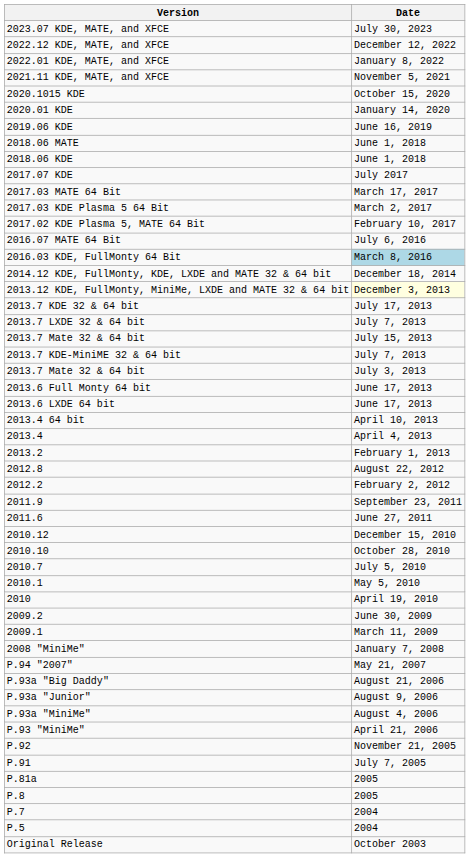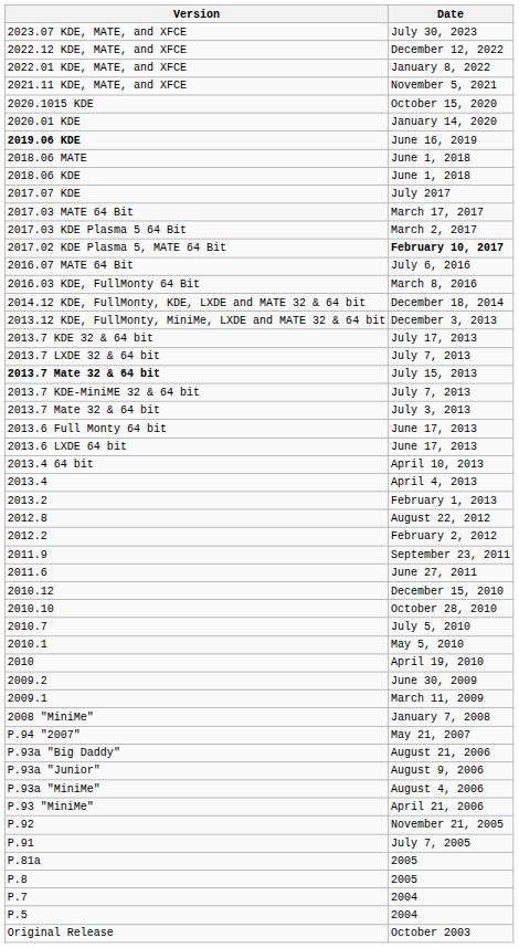 <table class="wikitable sortable">
 <tr ---->
 <th>Version</th>
 <th>Date</th>
 </tr>
 <tr>
 <td>2023.07 KDE, MATE, and XFCE</td>
 <td>July 30, 2023</td>
 </tr>
 <tr>
 <td>2022.12 KDE, MATE, and XFCE</td>
 <td>December 12, 2022</td>
 </tr>
 <tr>
 <td>2022.01 KDE, MATE, and XFCE</td>
 <td>January 8, 2022</td>
 </tr>
 <tr>
 <td>2021.11 KDE, MATE, and XFCE</td>
 <td>November 5, 2021</td>
 </tr>
 <tr>
 <td>2020.1015 KDE</td>
 <td>October 15, 2020</td>
 </tr>
 <tr>
 <td>2020.01 KDE</td>
 <td>January 14, 2020</td>
 </tr>
 <tr>
-<td>2019.06 KDE</td>
+<td><strong>2019.06 KDE</strong></td>
 <td>June 16, 2019</td>
 </tr>
 <tr>
 <td>2018.06 MATE</td>
 <td>June 1, 2018</td>
 </tr>
 <tr>
 <td>2018.06 KDE</td>
 <td>June 1, 2018</td>
 </tr>
 <tr>
 <td>2017.07 KDE</td>
 <td>July 2017</td>
 </tr>
 <tr>
 <td>2017.03 MATE 64 Bit</td>
 <td>March 17, 2017</td>
 </tr>
 <tr>
 <td>2017.03 KDE Plasma 5 64 Bit</td>
 <td>March 2, 2017</td>
 </tr>
 <tr>
 <td>2017.02 KDE Plasma 5, MATE 64 Bit</td>
-<td>February 10, 2017</td>
+<td><strong>February 10, 2017</strong></td>
 </tr>
 <tr>
 <td>2016.07 MATE 64 Bit</td>
 <td>July 6, 2016</td>
 </tr>
 <tr>
 <td>2016.03 KDE, FullMonty 64 Bit</td>
-<td style="background: lightblue;">March 8, 2016</td>
+<td>March 8, 2016</td>
 </tr>
 <tr>
 <td>2014.12 KDE, FullMonty, KDE, LXDE and MATE 32 & 64 bit</td>
 <td>December 18, 2014</td>
 </tr>
 <tr>
 <td>2013.12 KDE, FullMonty, MiniMe, LXDE and MATE 32 & 64 bit</td>
-<td style="background: lightyellow;">December 3, 2013</td>
+<td>December 3, 2013</td>
 </tr>
 <tr>
 <td>2013.7 KDE 32 & 64 bit</td>
 <td>July 17, 2013</td>
 </tr>
 <tr>
 <td>2013.7 LXDE 32 & 64 bit</td>
 <td>July 7, 2013</td>
 </tr>
 <tr>
-<td>2013.7 Mate 32 & 64 bit</td>
+<td><strong>2013.7 Mate 32 & 64 bit</strong></td>
 <td>July 15, 2013</td>
 </tr>
 <tr>
 <td>2013.7 KDE-MiniME 32 & 64 bit</td>
 <td>July 7, 2013</td>
 </tr>
 <tr>
 <td>2013.7 Mate 32 & 64 bit</td>
 <td>July 3, 2013</td>
 </tr>
 <tr>
 <td>2013.6 Full Monty 64 bit</td>
 <td>June 17, 2013</td>
 </tr>
 <tr>
 <td>2013.6 LXDE 64 bit</td>
 <td>June 17, 2013</td>
 </tr>
 <tr>
 <td>2013.4 64 bit</td>
 <td>April 10, 2013</td>
 </tr>
 <tr>
 <td>2013.4</td>
 <td>April 4, 2013</td>
 </tr>
 <tr>
 <td>2013.2</td>
 <td>February 1, 2013</td>
 </tr>
 <tr>
 <td>2012.8</td>
 <td>August 22, 2012</td>
 </tr>
 <tr>
 <td>2012.2</td>
 <td>February 2, 2012</td>
 </tr>
 <tr>
 <td>2011.9</td>
 <td>September 23, 2011</td>
 </tr>
 <tr>
 <td>2011.6</td>
 <td>June 27, 2011</td>
 </tr>
 <tr>
 <td>2010.12</td>
 <td>December 15, 2010</td>
 </tr>
 <tr>
 <td>2010.10</td>
 <td>October 28, 2010</td>
 </tr>
 <tr>
 <td>2010.7</td>
 <td>July 5, 2010</td>
 </tr>
 <tr>
 <td>2010.1</td>
 <td>May 5, 2010</td>
 </tr>
 <tr>
 <td>2010</td>
 <td>April 19, 2010</td>
 </tr>
 <tr>
 <td>2009.2</td>
 <td>June 30, 2009</td>
 </tr>
 <tr>
 <td>2009.1</td>
 <td>March 11, 2009</td>
 </tr>
 <tr>
 <td>2008 "MiniMe"</td>
 <td>January 7, 2008</td>
 </tr>
 <tr>
 <td>P.94 "2007"</td>
 <td>May 21, 2007</td>
 </tr>
 <tr>
 <td>P.93a "Big Daddy"</td>
 <td>August 21, 2006</td>
 </tr>
 <tr>
 <td>P.93a "Junior"</td>
 <td>August 9, 2006</td>
 </tr>
 <tr>
 <td>P.93a "MiniMe"</td>
 <td>August 4, 2006</td>
 </tr>
 <tr>
 <td>P.93 "MiniMe"</td>
 <td>April 21, 2006</td>
 </tr>
 <tr>
 <td>P.92</td>
 <td>November 21, 2005</td>
 </tr>
 <tr>
 <td>P.91</td>
 <td>July 7, 2005</td>
 </tr>
 <tr>
 <td>P.81a</td>
 <td>2005</td>
 </tr>
 <tr>
 <td>P.8</td>
 <td>2005</td>
 </tr>
 <tr>
 <td>P.7</td>
 <td>2004</td>
 </tr>
 <tr>
 <td>P.5</td>
 <td>2004</td>
 </tr>
 <tr>
 <td>Original Release</td>
 <td>October 2003</td>
 </tr>
 </table>
